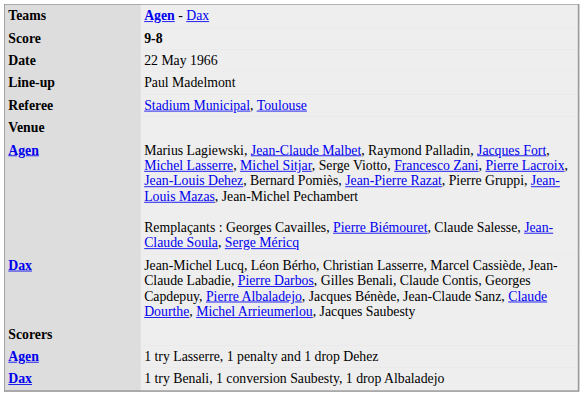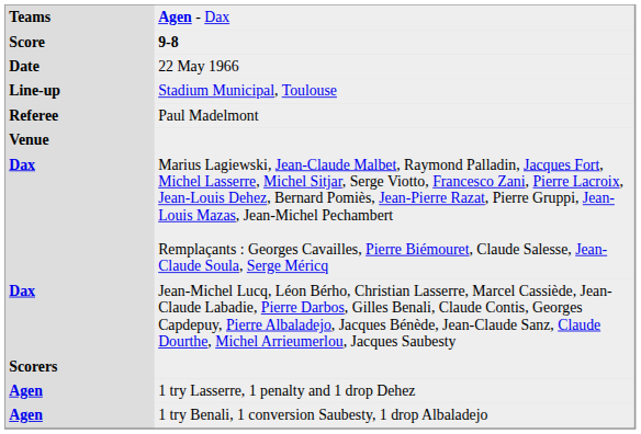 <table align="left" cellpadding="4" cellspacing="0"  style="margin: 0 0 0 0; border: 1px solid #999; border-right-width: 2px; border-bottom-width: 2px; background-color: #DDDDDD">
 <tr>
 <td width="150" valign="top"><strong>Teams</strong></td>
 <td width="500" bgcolor=#EEEEEE><strong><a href='#'>Agen</a> </strong> - <a href='#'>Dax</a></td>
 </tr>
 <tr>
 <td valign="top"><strong>Score</strong></td>
 <td bgcolor=#EEEEEE><strong>9-8</strong></td>
 </tr>
 <tr>
 <td valign="top"><strong>Date</strong></td>
 <td bgcolor=#EEEEEE>22 May 1966</td>
 </tr>
 <tr>
 <td valign="top"><strong>Line-up</strong></td>
-<td bgcolor=#EEEEEE>Paul Madelmont</td>
+<td bgcolor=#EEEEEE><a href='#'>Stadium Municipal</a>, <a href='#'>Toulouse</a></td>
 </tr>
 <tr>
 <td valign="top"><strong>Referee</strong></td>
-<td bgcolor=#EEEEEE><a href='#'>Stadium Municipal</a>, <a href='#'>Toulouse</a></td>
+<td bgcolor=#EEEEEE>Paul Madelmont</td>
 </tr>
 <tr>
 <td valign="top"><strong>Venue</strong></td>
 <td bgcolor=#EEEEEE></td>
 </tr>
 <tr>
-<td valign="top"><strong> <a href='#'>Agen</a> </strong></td>
+<td valign="top"><strong><a href='#'>Dax</a></strong></td>
 <td bgcolor=#EEEEEE>Marius Lagiewski, <a href='#'>Jean-Claude Malbet</a>, Raymond Palladin, <a href='#'>Jacques Fort</a>, <a href='#'>Michel Lasserre</a>, <a href='#'>Michel Sitjar</a>, Serge Viotto, <a href='#'>Francesco Zani</a>, <a href='#'>Pierre Lacroix</a>, <a href='#'>Jean-Louis Dehez</a>, Bernard Pomiès, <a href='#'>Jean-Pierre Razat</a>, Pierre Gruppi, <a href='#'>Jean-Louis Mazas</a>, Jean-Michel Pechambert<br><br>Remplaçants : Georges Cavailles, <a href='#'>Pierre Biémouret</a>, Claude Salesse, <a href='#'>Jean-Claude Soula</a>, <a href='#'>Serge Méricq</a></td>
 </tr>
 <tr>
 <td valign="top"><strong><a href='#'>Dax</a></strong></td>
 <td bgcolor=#EEEEEE>Jean-Michel Lucq, Léon Bérho, Christian Lasserre, Marcel Cassiède, Jean-Claude Labadie, <a href='#'>Pierre Darbos</a>, Gilles Benali, Claude Contis, Georges Capdepuy, <a href='#'>Pierre Albaladejo</a>, Jacques Bénède, Jean-Claude Sanz, <a href='#'>Claude Dourthe</a>, <a href='#'>Michel Arrieumerlou</a>, Jacques Saubesty</td>
 </tr>
 <tr>
 <td valign="top"><strong>Scorers</strong></td>
 <td bgcolor=#EEEEEE></td>
 </tr>
 <tr>
 <td valign="top"><strong><a href='#'>Agen</a>  </strong></td>
 <td bgcolor=#EEEEEE>1 try Lasserre, 1 penalty and 1 drop Dehez</td>
 </tr>
 <tr>
-<td valign="top"><strong><a href='#'>Dax</a></strong></td>
+<td valign="top"><strong> <a href='#'>Agen</a> </strong></td>
 <td bgcolor=#EEEEEE>1 try Benali, 1 conversion Saubesty, 1 drop Albaladejo</td>
 </tr>
 </table>
